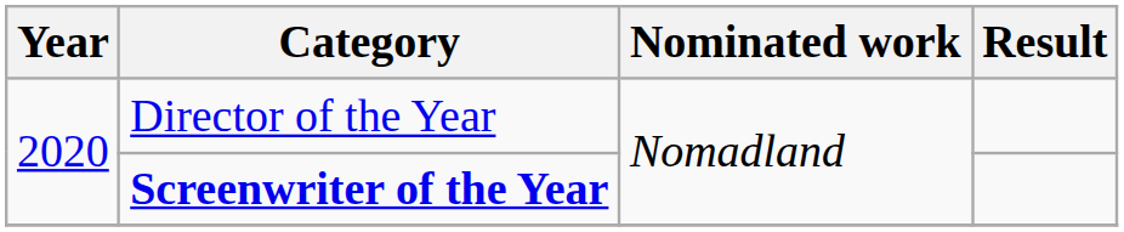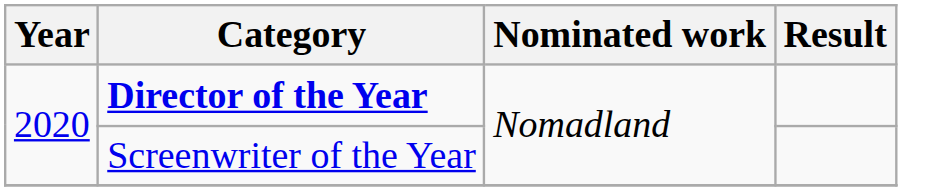 <table class="wikitable">
 <tr>
 <th>Year</th>
 <th>Category</th>
 <th>Nominated work</th>
 <th>Result</th>
 </tr>
 <tr>
 <td rowspan="2"><a href='#'>2020</a></td>
-<td><a href='#'>Director of the Year</a></td>
+<td><strong><a href='#'>Director of the Year</a></strong></td>
 <td rowspan=2><em>Nomadland</em></td>
 <td></td>
 </tr>
 <tr>
-<td><strong><a href='#'>Screenwriter of the Year</a></strong></td>
+<td><a href='#'>Screenwriter of the Year</a></td>
 <td></td>
 </tr>
 <tr>
 </tr>
 </table>
